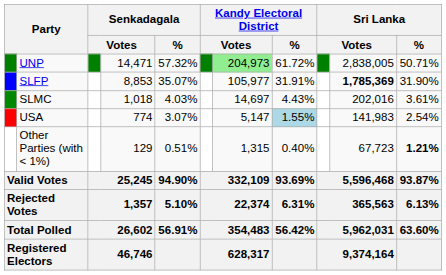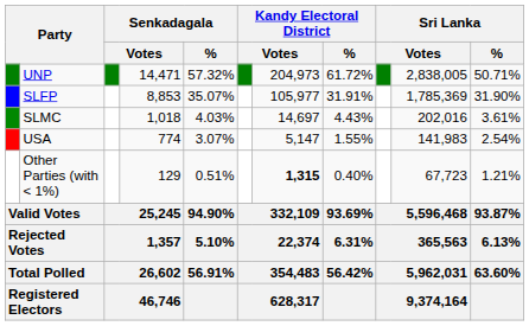 <table class="wikitable">
 <tr>
 <th colspan="2" width="144px"rowspan="2">Party</th>
 <th colspan="3" width="216px">Senkadagala</th>
 <th colspan="3" width="216px"><a href='#'>Kandy Electoral District</a></th>
 <th colspan="3" width="216px">Sri Lanka</th>
 </tr>
 <tr>
 <th colspan="2" width="144px">Votes</th>
 <th>%</th>
 <th colspan="2" width="144px">Votes</th>
 <th>%</th>
 <th colspan="2" width="144px">Votes</th>
 <th>%</th>
 </tr>
 <tr>
 <td style="background-color:green;" width="10px"></td>
 <td style="text-align:left;"><a href='#'>UNP</a></td>
 <td style="background-color:green;" width="10px"></td>
 <td style="text-align:right;">14,471</td>
 <td style="text-align:right;">57.32%</td>
 <td style="background-color:green;" width="10px"></td>
-<td style="background: lightgreen; text-align:right;">204,973</td>
+<td style="text-align:right;">204,973</td>
 <td style="text-align:right;">61.72%</td>
 <td style="background-color:green;" width="10px"></td>
 <td style="text-align:right;">2,838,005</td>
 <td style="text-align:right;">50.71%</td>
 </tr>
 <tr>
 <td style="background-color:blue;" width="10px"></td>
 <td style="text-align:left;"><a href='#'>SLFP</a></td>
 <td style="background-color:white;" width="10px"></td>
 <td style="text-align:right;">8,853</td>
 <td style="text-align:right;">35.07%</td>
 <td style="background-color:white;" width="10px"></td>
 <td style="text-align:right;">105,977</td>
 <td style="text-align:right;">31.91%</td>
 <td style="background-color:white;" width="10px"></td>
-<td style="text-align:right;"><strong>1,785,369</strong></td>
+<td style="text-align:right;">1,785,369</td>
 <td style="text-align:right;">31.90%</td>
 </tr>
 <tr>
 <td style="background-color:#008800;" width="10px"></td>
 <td style="text-align:left;">SLMC</td>
 <td style="background-color:white;" width="10px"></td>
 <td style="text-align:right;">1,018</td>
 <td style="text-align:right;">4.03%</td>
 <td style="background-color:white;" width="10px"></td>
 <td style="text-align:right;">14,697</td>
 <td style="text-align:right;">4.43%</td>
 <td style="background-color:white;" width="10px"></td>
 <td style="text-align:right;">202,016</td>
 <td style="text-align:right;">3.61%</td>
 </tr>
 <tr>
 <td style="background-color:red;" width="10px"></td>
 <td style="text-align:left;">USA</td>
 <td style="background-color:white;" width="10px"></td>
 <td style="text-align:right;">774</td>
 <td style="text-align:right;">3.07%</td>
 <td style="background-color:white;" width="10px"></td>
 <td style="text-align:right;">5,147</td>
-<td style="background: lightblue; text-align:right;">1.55%</td>
+<td style="text-align:right;">1.55%</td>
 <td style="background-color:white;" width="10px"></td>
 <td style="text-align:right;">141,983</td>
 <td style="text-align:right;">2.54%</td>
 </tr>
 <tr>
 <td style="background-color:white;" width="10px"></td>
 <td style="text-align:left;">Other Parties (with < 1%)</td>
 <td style="background-color:white;" width="10px"></td>
 <td style="text-align:right;">129</td>
 <td style="text-align:right;">0.51%</td>
 <td style="background-color:white;" width="10px"></td>
-<td style="text-align:right;">1,315</td>
+<td style="text-align:right;"><strong>1,315</strong></td>
 <td style="text-align:right;">0.40%</td>
 <td style="background-color:white;" width="10px"></td>
 <td style="text-align:right;">67,723</td>
-<td style="text-align:right;"><strong>1.21%</strong></td>
+<td style="text-align:right;">1.21%</td>
 </tr>
 <tr>
 <th colspan="2" width="144px"style="text-align:left;">Valid Votes</th>
 <th style="text-align:right;"colspan="2" width="144px">25,245</th>
 <th style="text-align:right;">94.90%</th>
 <th style="text-align:right;"colspan="2" width="144px">332,109</th>
 <th style="text-align:right;">93.69%</th>
 <th style="text-align:right;"colspan="2" width="144px">5,596,468</th>
 <th style="text-align:right;">93.87%</th>
 </tr>
 <tr>
 <th colspan="2" width="144px"style="text-align:left;">Rejected Votes</th>
 <th style="text-align:right;"colspan="2" width="144px">1,357</th>
 <th style="text-align:right;">5.10%</th>
 <th style="text-align:right;"colspan="2" width="144px">22,374</th>
 <th style="text-align:right;">6.31%</th>
 <th style="text-align:right;"colspan="2" width="144px">365,563</th>
 <th style="text-align:right;">6.13%</th>
 </tr>
 <tr>
 <th colspan="2" width="144px"style="text-align:left;">Total Polled</th>
 <th style="text-align:right;"colspan="2" width="144px">26,602</th>
 <th style="text-align:right;">56.91%</th>
 <th style="text-align:right;"colspan="2" width="144px">354,483</th>
 <th style="text-align:right;">56.42%</th>
 <th style="text-align:right;"colspan="2" width="144px">5,962,031</th>
 <th style="text-align:right;">63.60%</th>
 </tr>
 <tr>
 <th colspan="2" width="144px"style="text-align:left;">Registered Electors</th>
 <th style="text-align:right;"colspan="2" width="144px">46,746</th>
 <th></th>
 <th style="text-align:right;"colspan="2" width="144px">628,317</th>
 <th></th>
 <th style="text-align:right;"colspan="2" width="144px">9,374,164</th>
 <th></th>
 </tr>
 </table>
